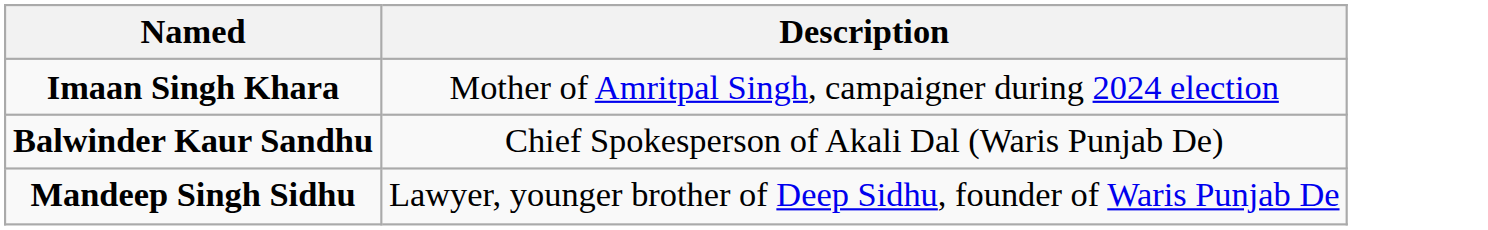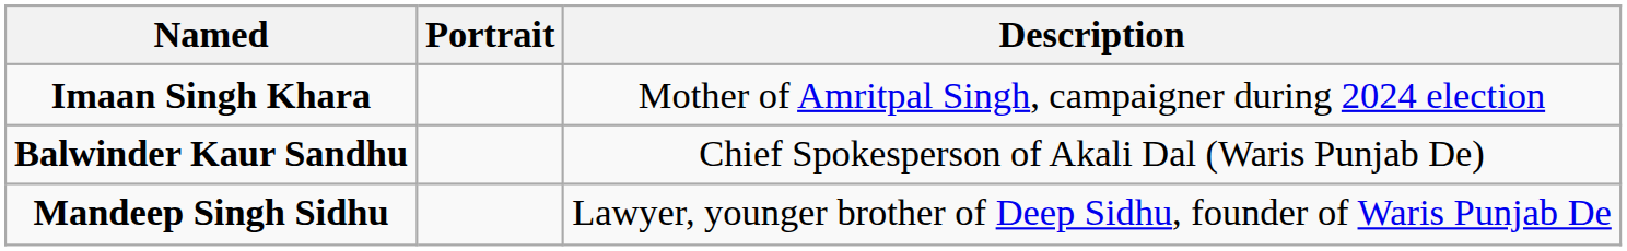 <table class="wikitable sortable" style="text-align:center; background-color:">
 <tr>
 <th style="background-color: ">Named</th>
+<th style="background-color: ">Portrait</th>
 <th style="background-color: ">Description</th>
 </tr>
 <tr>
 <td><strong>Imaan Singh Khara</strong></td>
+<td></td>
 <td>Mother of <a href='#'>Amritpal Singh</a>, campaigner during <a href='#'>2024 election</a></td>
 </tr>
 <tr>
 <td><strong>Balwinder Kaur Sandhu</strong></td>
+<td></td>
 <td>Chief Spokesperson of Akali Dal (Waris Punjab De)</td>
 </tr>
 <tr>
 <td><strong>Mandeep Singh Sidhu</strong></td>
+<td></td>
 <td>Lawyer, younger brother of <a href='#'>Deep Sidhu</a>, founder of <a href='#'>Waris Punjab De</a></td>
 </tr>
 </table>
